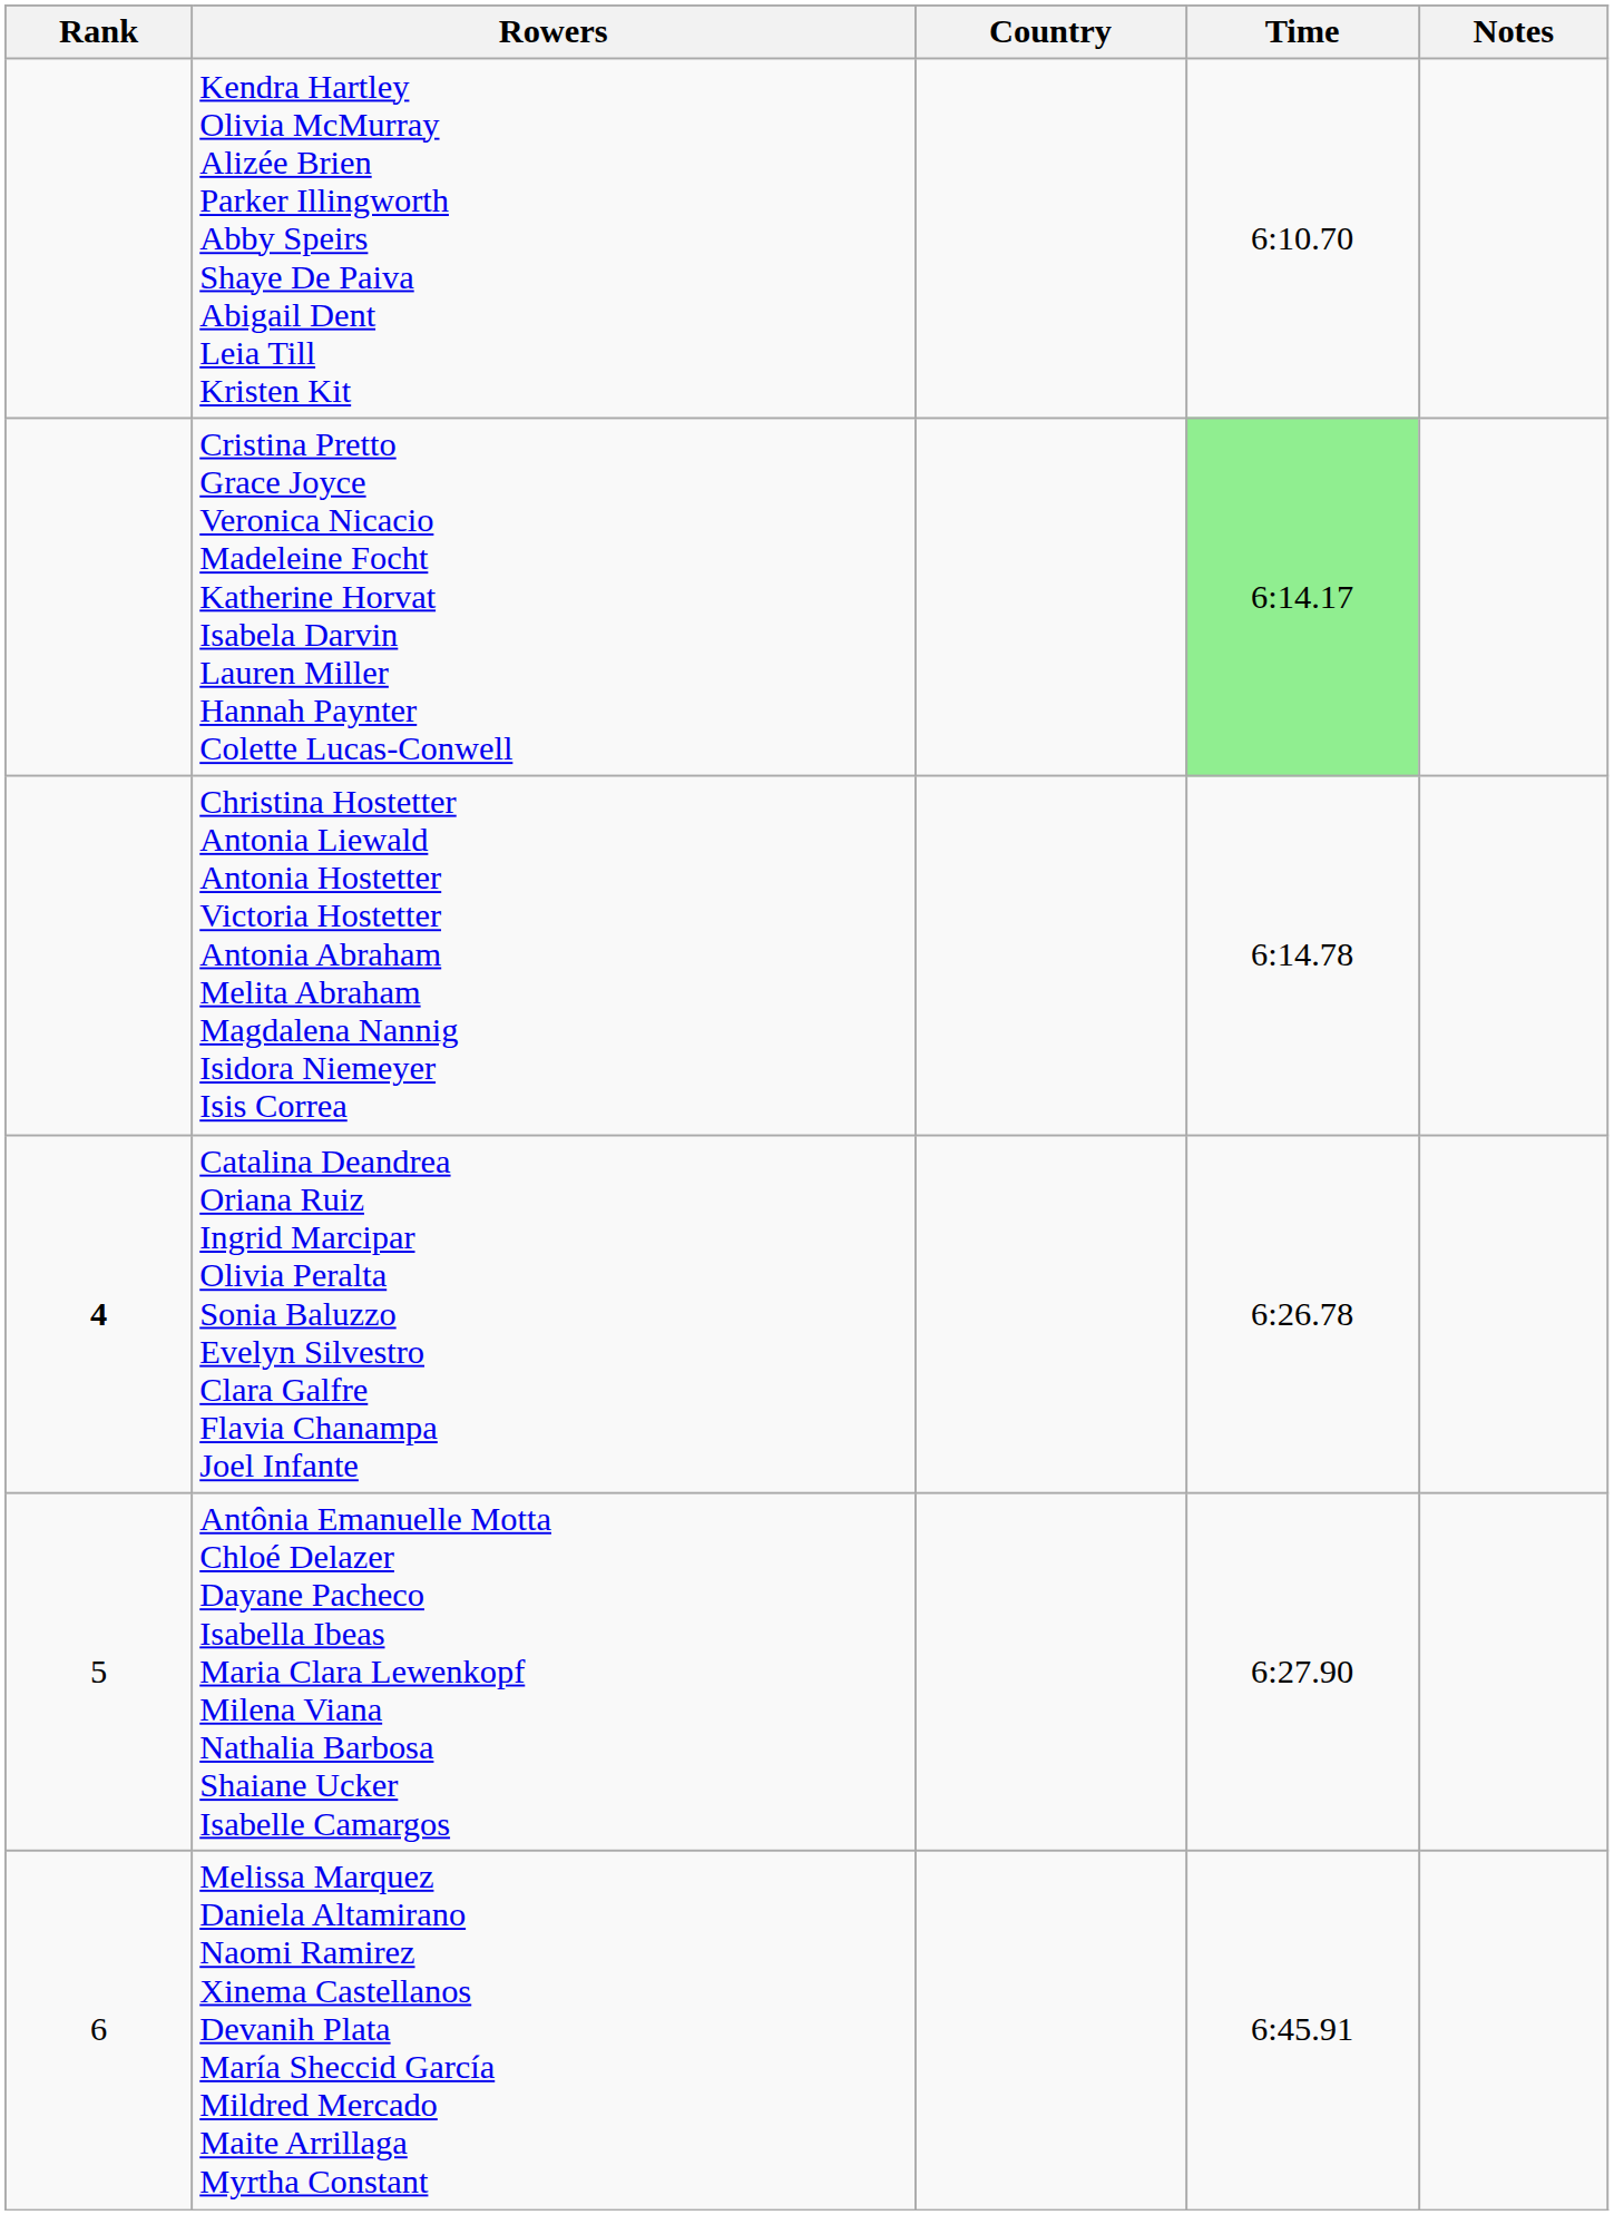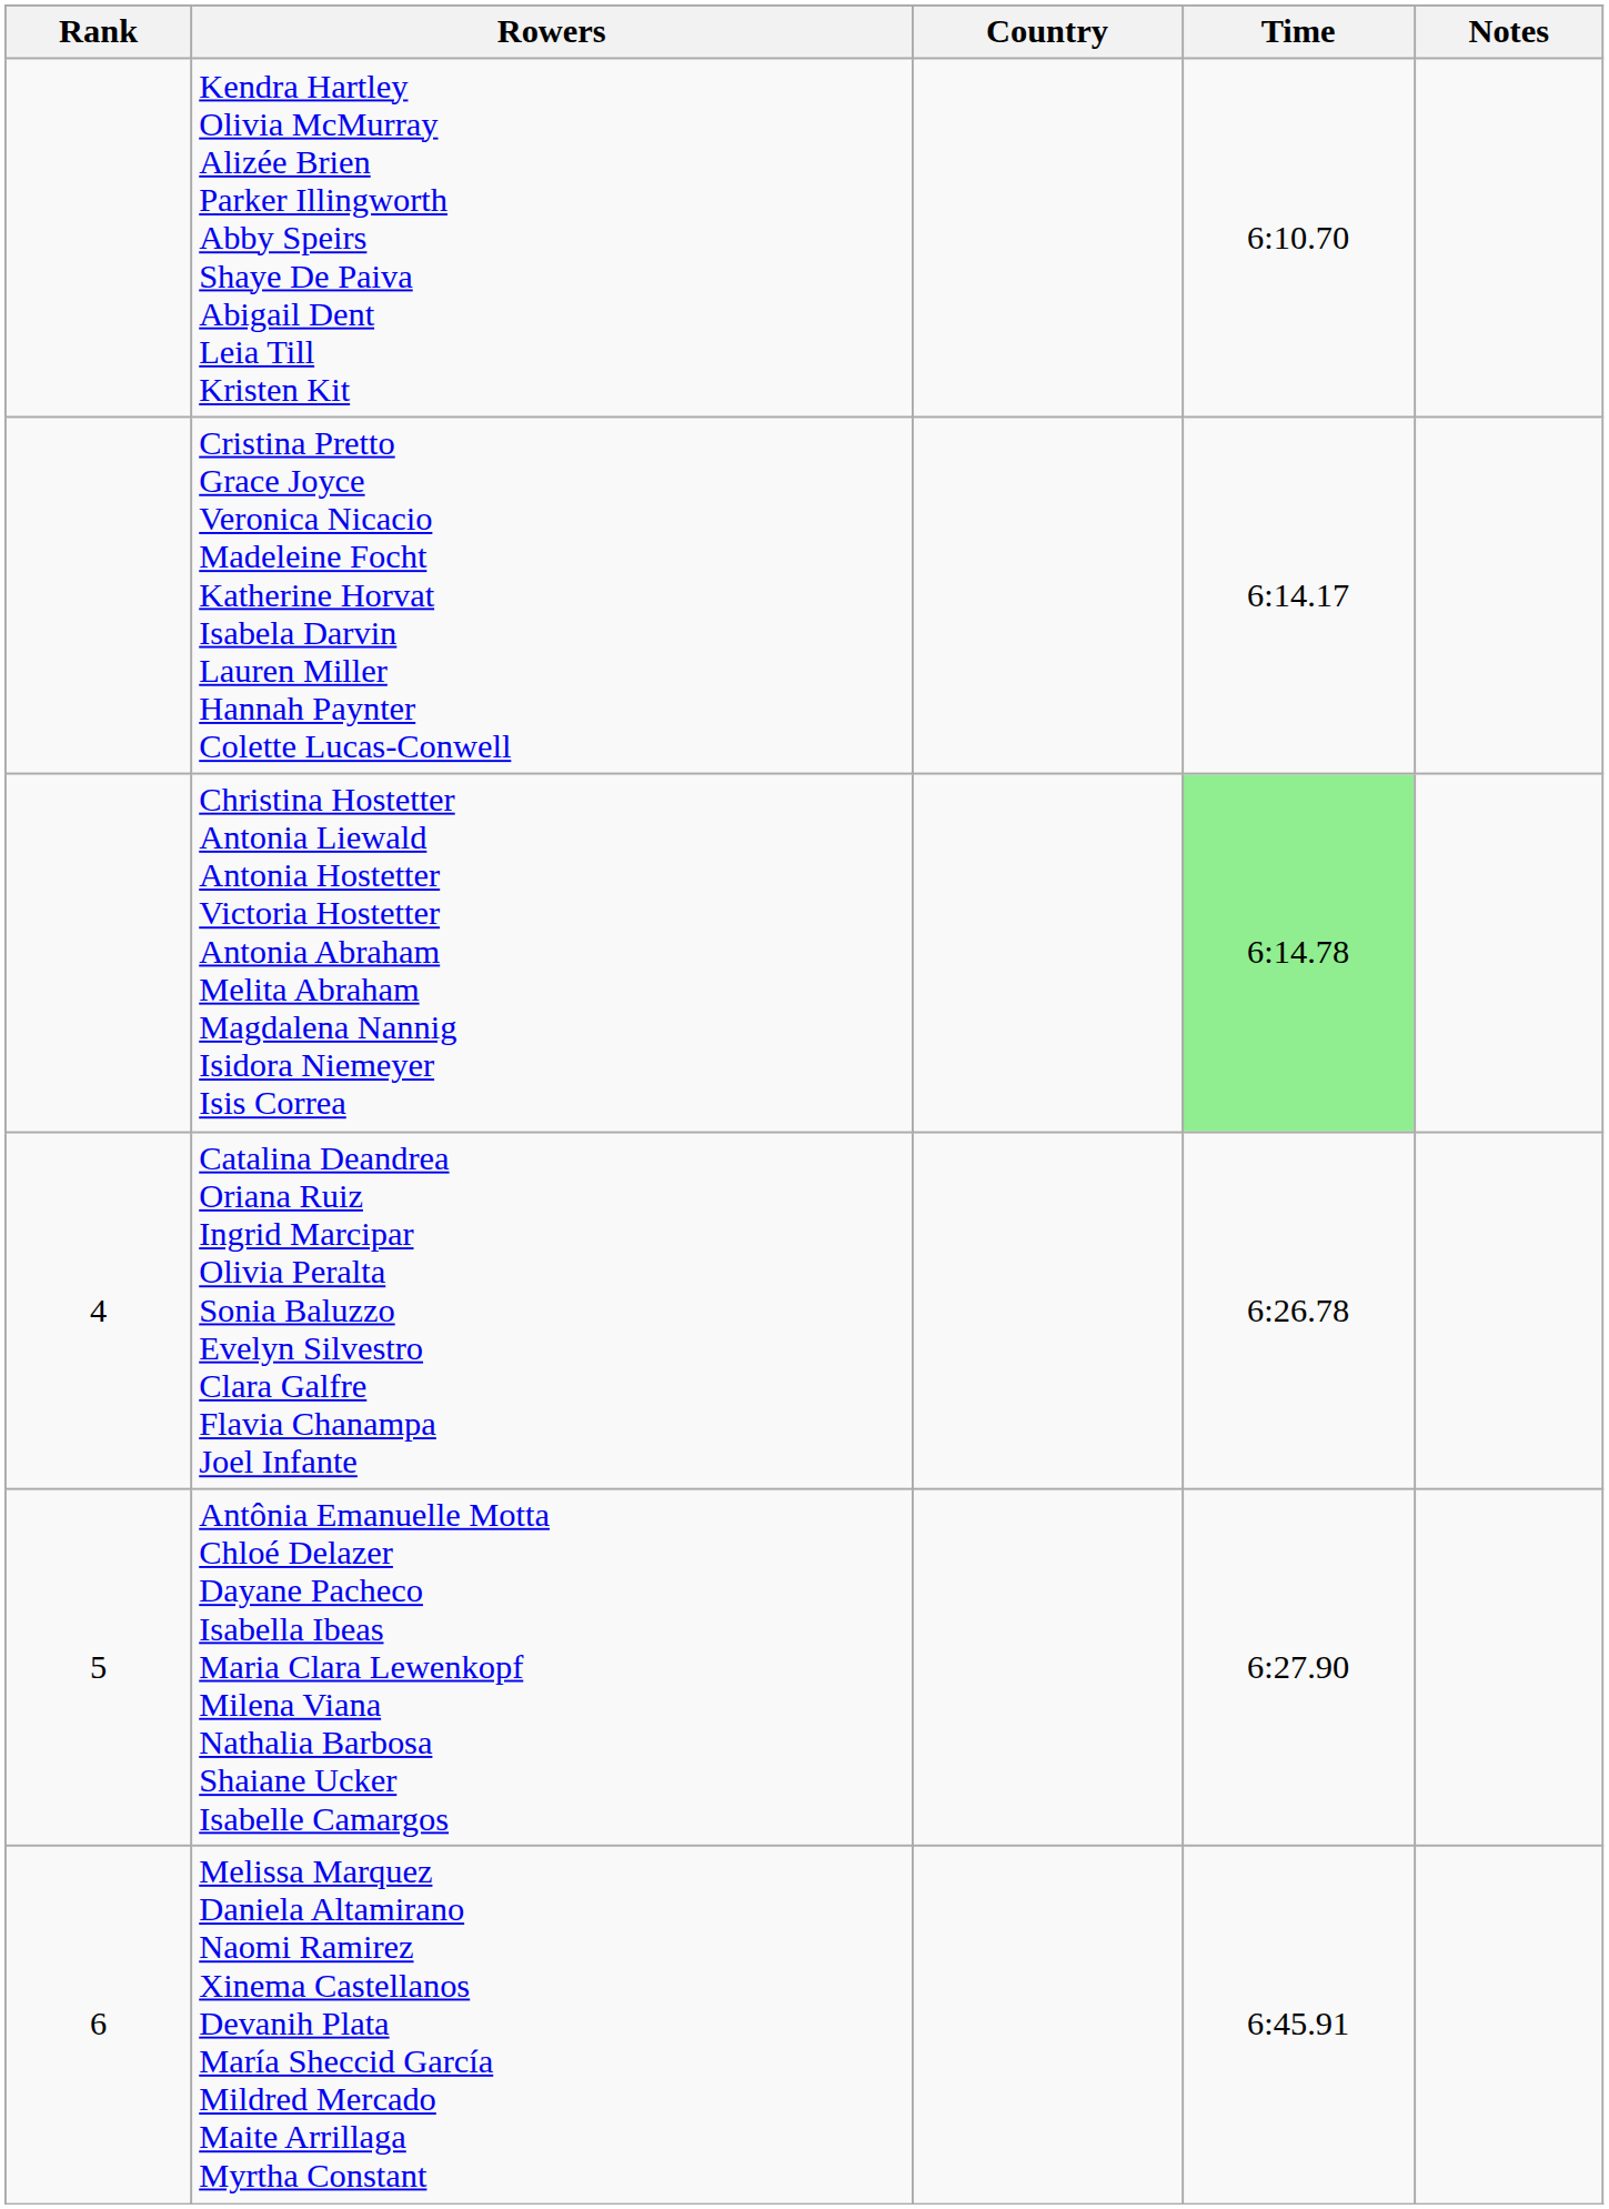 <table class="wikitable" width=60% style="text-align:center">
 <tr>
 <th>Rank</th>
 <th>Rowers</th>
 <th>Country</th>
 <th>Time</th>
 <th>Notes</th>
 </tr>
 <tr>
 <td></td>
 <td align=left><a href='#'>Kendra Hartley</a><br><a href='#'>Olivia McMurray</a><br><a href='#'>Alizée Brien</a><br><a href='#'>Parker Illingworth</a><br><a href='#'>Abby Speirs</a><br><a href='#'>Shaye De Paiva</a><br><a href='#'>Abigail Dent</a><br><a href='#'>Leia Till</a><br><a href='#'>Kristen Kit</a></td>
 <td align=left></td>
 <td>6:10.70</td>
 <td></td>
 </tr>
 <tr>
 <td></td>
 <td align=left><a href='#'>Cristina Pretto</a><br><a href='#'>Grace Joyce</a><br><a href='#'>Veronica Nicacio</a><br><a href='#'>Madeleine Focht</a><br><a href='#'>Katherine Horvat</a><br><a href='#'>Isabela Darvin</a><br><a href='#'>Lauren Miller</a><br><a href='#'>Hannah Paynter</a><br><a href='#'>Colette Lucas-Conwell</a></td>
 <td align=left></td>
-<td style="background: lightgreen;">6:14.17</td>
+<td>6:14.17</td>
 <td></td>
 </tr>
 <tr>
 <td></td>
 <td align=left><a href='#'>Christina Hostetter</a><br><a href='#'>Antonia Liewald</a><br><a href='#'>Antonia Hostetter</a><br><a href='#'>Victoria Hostetter</a><br><a href='#'>Antonia Abraham</a><br><a href='#'>Melita Abraham</a><br><a href='#'>Magdalena Nannig</a><br><a href='#'>Isidora Niemeyer</a><br><a href='#'>Isis Correa</a></td>
 <td align=left></td>
-<td>6:14.78</td>
+<td style="background: lightgreen;">6:14.78</td>
 <td></td>
 </tr>
 <tr>
-<td><strong>4</strong></td>
+<td>4</td>
 <td align=left><a href='#'>Catalina Deandrea</a><br><a href='#'>Oriana Ruiz</a><br><a href='#'>Ingrid Marcipar</a><br><a href='#'>Olivia Peralta</a><br><a href='#'>Sonia Baluzzo</a><br><a href='#'>Evelyn Silvestro</a><br><a href='#'>Clara Galfre</a><br><a href='#'>Flavia Chanampa</a><br><a href='#'>Joel Infante</a></td>
 <td align=left></td>
 <td>6:26.78</td>
 <td></td>
 </tr>
 <tr>
 <td>5</td>
 <td align=left><a href='#'>Antônia Emanuelle Motta</a><br><a href='#'>Chloé Delazer</a><br><a href='#'>Dayane Pacheco</a><br><a href='#'>Isabella Ibeas</a><br><a href='#'>Maria Clara Lewenkopf</a><br><a href='#'>Milena Viana</a><br><a href='#'>Nathalia Barbosa</a><br><a href='#'>Shaiane Ucker</a><br><a href='#'>Isabelle Camargos</a></td>
 <td align=left></td>
 <td>6:27.90</td>
 <td></td>
 </tr>
 <tr>
 <td>6</td>
 <td align=left><a href='#'>Melissa Marquez</a><br><a href='#'>Daniela Altamirano</a><br><a href='#'>Naomi Ramirez</a><br><a href='#'>Xinema Castellanos</a><br><a href='#'>Devanih Plata</a><br><a href='#'>María Sheccid García</a><br><a href='#'>Mildred Mercado</a><br><a href='#'>Maite Arrillaga</a><br><a href='#'>Myrtha Constant</a></td>
 <td align=left></td>
 <td>6:45.91</td>
 <td></td>
 </tr>
 <tr>
 </tr>
 </table>
